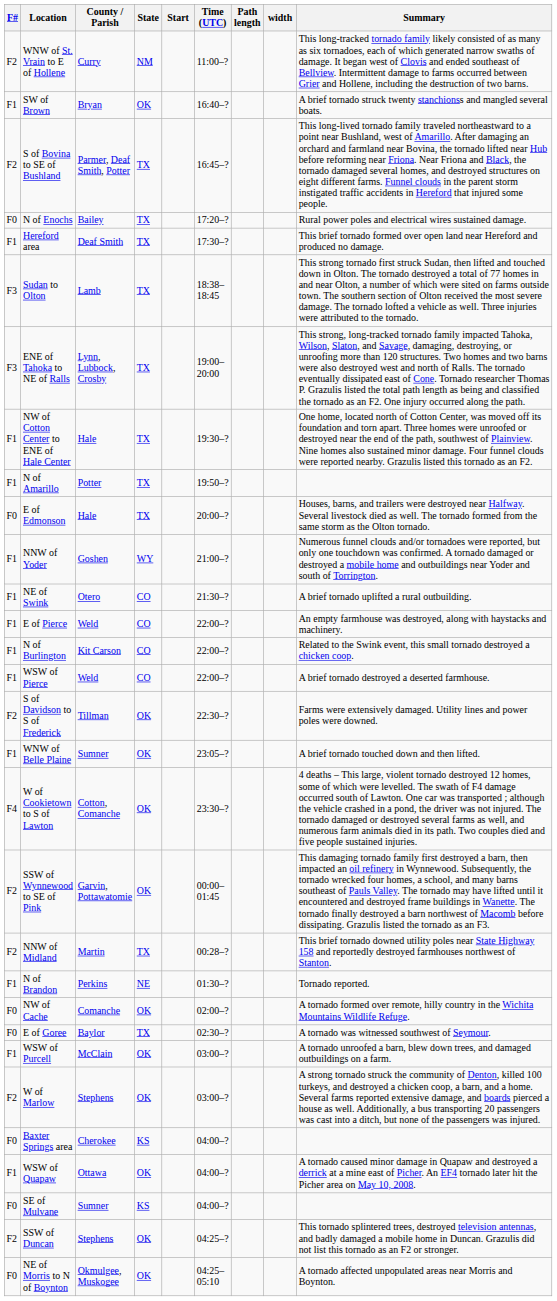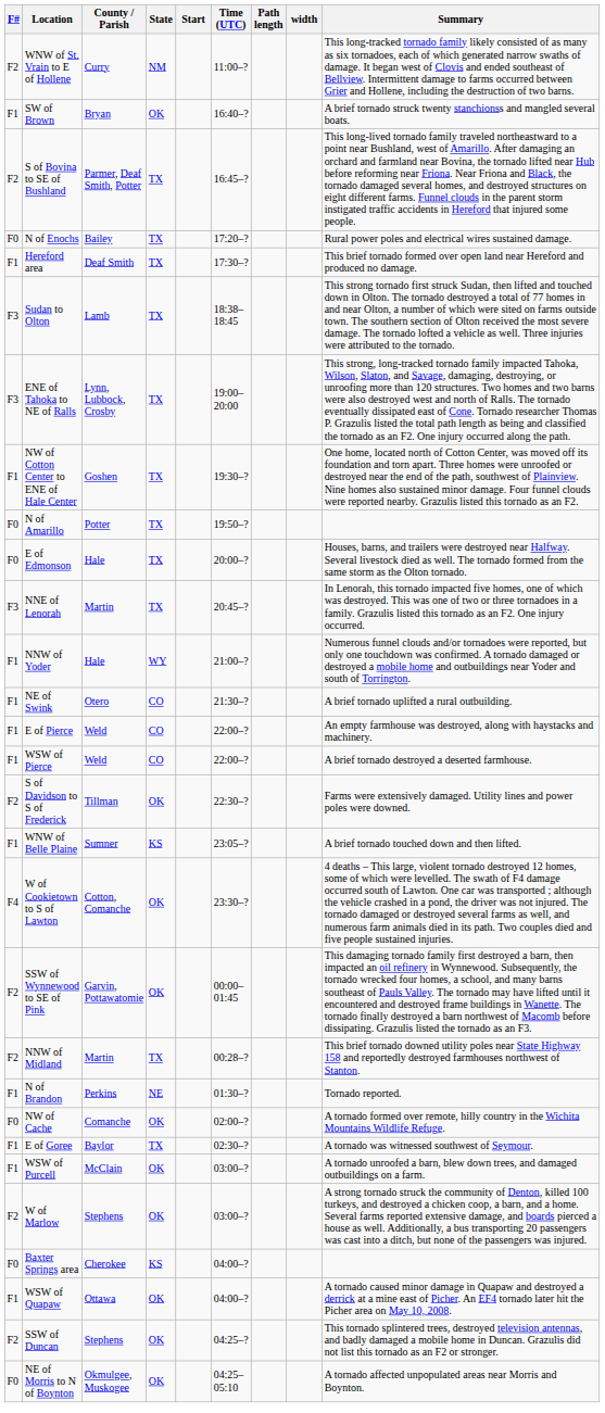 <table class="wikitable sortable" style="width:100%;">
 <tr>
 <th scope="col"  style="width:3%; text-align:center;"><a href='#'>F#</a></th>
 <th scope="col"  style="width:7%; text-align:center;" class="unsortable">Location</th>
 <th scope="col"  style="width:6%; text-align:center;" class="unsortable">County / Parish</th>
 <th scope="col"  style="width:5%; text-align:center;">State</th>
 <th scope="col"  style="width:6%; text-align:center;">Start<br></th>
 <th scope="col"  style="width:6%; text-align:center;">Time (<a href='#'>UTC</a>)</th>
 <th scope="col"  style="width:6%; text-align:center;">Path length</th>
 <th scope="col"  style="width:6%; text-align:center;"> width</th>
 <th scope="col" class="unsortable" style="width:48%; text-align:center;">Summary</th>
 </tr>
 <tr>
 <td>F2</td>
 <td>WNW of <a href='#'>St. Vrain</a> to E of <a href='#'>Hollene</a></td>
 <td><a href='#'>Curry</a></td>
 <td><a href='#'>NM</a></td>
 <td></td>
 <td>11:00–?</td>
 <td></td>
 <td></td>
 <td>This long-tracked <a href='#'>tornado family</a> likely consisted of as many as six tornadoes, each of which generated narrow swaths of damage. It began west of <a href='#'>Clovis</a> and ended southeast of <a href='#'>Bellview</a>. Intermittent damage to farms occurred between <a href='#'>Grier</a> and Hollene, including the destruction of two barns.</td>
 </tr>
 <tr>
 <td>F1</td>
 <td>SW of <a href='#'>Brown</a></td>
 <td><a href='#'>Bryan</a></td>
 <td><a href='#'>OK</a></td>
 <td></td>
 <td>16:40–?</td>
 <td></td>
 <td></td>
 <td>A brief tornado struck twenty <a href='#'>stanchions</a>s and mangled several boats.</td>
 </tr>
 <tr>
 <td>F2</td>
 <td>S of <a href='#'>Bovina</a> to SE of <a href='#'>Bushland</a></td>
 <td><a href='#'>Parmer</a>, <a href='#'>Deaf Smith</a>, <a href='#'>Potter</a></td>
 <td><a href='#'>TX</a></td>
 <td></td>
 <td>16:45–?</td>
 <td></td>
 <td></td>
 <td>This long-lived tornado family traveled northeastward to a point near Bushland, west of <a href='#'>Amarillo</a>. After damaging an orchard and farmland near Bovina, the tornado lifted near <a href='#'>Hub</a> before reforming near <a href='#'>Friona</a>. Near Friona and <a href='#'>Black</a>, the tornado damaged several homes, and destroyed structures on eight different farms. <a href='#'>Funnel clouds</a> in the parent storm instigated traffic accidents in <a href='#'>Hereford</a> that injured some people.</td>
 </tr>
 <tr>
 <td>F0</td>
 <td>N of <a href='#'>Enochs</a></td>
 <td><a href='#'>Bailey</a></td>
 <td><a href='#'>TX</a></td>
 <td></td>
 <td>17:20–?</td>
 <td></td>
 <td></td>
 <td>Rural power poles and electrical wires sustained damage.</td>
 </tr>
 <tr>
 <td>F1</td>
 <td><a href='#'>Hereford</a> area</td>
 <td><a href='#'>Deaf Smith</a></td>
 <td><a href='#'>TX</a></td>
 <td></td>
 <td>17:30–?</td>
 <td></td>
 <td></td>
 <td>This brief tornado formed over open land near Hereford and produced no damage.</td>
 </tr>
 <tr>
 <td>F3</td>
 <td><a href='#'>Sudan</a> to <a href='#'>Olton</a></td>
 <td><a href='#'>Lamb</a></td>
 <td><a href='#'>TX</a></td>
 <td></td>
 <td>18:38–18:45</td>
 <td></td>
 <td></td>
 <td>This strong tornado first struck Sudan, then lifted and touched down in Olton. The tornado destroyed a total of 77 homes in and near Olton, a number of which were sited on farms outside town. The southern section of Olton received the most severe damage. The tornado lofted a vehicle  as well. Three injuries were attributed to the tornado.</td>
 </tr>
 <tr>
 <td>F3</td>
 <td>ENE of <a href='#'>Tahoka</a> to NE of <a href='#'>Ralls</a></td>
 <td><a href='#'>Lynn</a>, <a href='#'>Lubbock</a>, <a href='#'>Crosby</a></td>
 <td><a href='#'>TX</a></td>
 <td></td>
 <td>19:00–20:00</td>
 <td></td>
 <td></td>
 <td>This strong, long-tracked tornado family impacted Tahoka, <a href='#'>Wilson</a>, <a href='#'>Slaton</a>, and <a href='#'>Savage</a>, damaging, destroying, or unroofing more than 120 structures. Two homes and two barns were also destroyed west and north of Ralls. The tornado eventually dissipated east of <a href='#'>Cone</a>. Tornado researcher Thomas P. Grazulis listed the total path length as being  and classified the tornado as an F2. One injury occurred along the path.</td>
 </tr>
 <tr>
 <td>F1</td>
 <td>NW of <a href='#'>Cotton Center</a> to ENE of <a href='#'>Hale Center</a></td>
-<td><a href='#'>Hale</a></td>
+<td><a href='#'>Goshen</a></td>
 <td><a href='#'>TX</a></td>
 <td></td>
 <td>19:30–?</td>
 <td></td>
 <td></td>
 <td>One home, located north of Cotton Center, was moved  off its foundation and torn apart. Three homes were unroofed or destroyed near the end of the path, southwest of <a href='#'>Plainview</a>. Nine homes also sustained minor damage. Four funnel clouds were reported nearby. Grazulis listed this tornado as an F2.</td>
 </tr>
 <tr>
-<td>F1</td>
+<td>F0</td>
 <td>N of <a href='#'>Amarillo</a></td>
 <td><a href='#'>Potter</a></td>
 <td><a href='#'>TX</a></td>
 <td></td>
 <td>19:50–?</td>
 <td></td>
 <td></td>
 <td></td>
 </tr>
 <tr>
 <td>F0</td>
 <td>E of <a href='#'>Edmonson</a></td>
 <td><a href='#'>Hale</a></td>
 <td><a href='#'>TX</a></td>
 <td></td>
 <td>20:00–?</td>
 <td></td>
 <td></td>
 <td>Houses, barns, and trailers were destroyed near <a href='#'>Halfway</a>. Several livestock died as well. The tornado formed from the same storm as the Olton tornado.</td>
 </tr>
 <tr>
+<td>F3</td>
+<td>NNE of <a href='#'>Lenorah</a></td>
+<td><a href='#'>Martin</a></td>
+<td><a href='#'>TX</a></td>
+<td></td>
+<td>20:45–?</td>
+<td></td>
+<td></td>
+<td>In Lenorah, this tornado impacted five homes, one of which was destroyed. This was one of two or three tornadoes in a  family. Grazulis listed this tornado as an F2. One injury occurred.</td>
+</tr>
+<tr>
 <td>F1</td>
 <td>NNW of <a href='#'>Yoder</a></td>
-<td><a href='#'>Goshen</a></td>
+<td><a href='#'>Hale</a></td>
 <td><a href='#'>WY</a></td>
 <td></td>
 <td>21:00–?</td>
 <td></td>
 <td></td>
 <td>Numerous funnel clouds and/or tornadoes were reported, but only one touchdown was confirmed. A tornado damaged or destroyed a <a href='#'>mobile home</a> and outbuildings near Yoder and south of <a href='#'>Torrington</a>.</td>
 </tr>
 <tr>
 <td>F1</td>
 <td>NE of <a href='#'>Swink</a></td>
 <td><a href='#'>Otero</a></td>
 <td><a href='#'>CO</a></td>
 <td></td>
 <td>21:30–?</td>
 <td></td>
 <td></td>
 <td>A brief tornado uplifted a rural outbuilding.</td>
 </tr>
 <tr>
 <td>F1</td>
 <td>E of <a href='#'>Pierce</a></td>
 <td><a href='#'>Weld</a></td>
 <td><a href='#'>CO</a></td>
 <td></td>
 <td>22:00–?</td>
 <td></td>
 <td></td>
 <td>An empty farmhouse was destroyed, along with haystacks and machinery.</td>
 </tr>
 <tr>
 <td>F1</td>
-<td>N of <a href='#'>Burlington</a></td>
-<td><a href='#'>Kit Carson</a></td>
-<td><a href='#'>CO</a></td>
-<td></td>
-<td>22:00–?</td>
-<td></td>
-<td></td>
-<td>Related to the Swink event, this small tornado destroyed a <a href='#'>chicken coop</a>.</td>
-</tr>
-<tr>
-<td>F1</td>
 <td>WSW of <a href='#'>Pierce</a></td>
 <td><a href='#'>Weld</a></td>
 <td><a href='#'>CO</a></td>
 <td></td>
 <td>22:00–?</td>
 <td></td>
 <td></td>
 <td>A brief tornado destroyed a deserted farmhouse.</td>
 </tr>
 <tr>
 <td>F2</td>
 <td>S of <a href='#'>Davidson</a> to S of <a href='#'>Frederick</a></td>
 <td><a href='#'>Tillman</a></td>
 <td><a href='#'>OK</a></td>
 <td></td>
 <td>22:30–?</td>
 <td></td>
 <td></td>
 <td>Farms were extensively damaged. Utility lines and power poles were downed.</td>
 </tr>
 <tr>
 <td>F1</td>
 <td>WNW of <a href='#'>Belle Plaine</a></td>
 <td><a href='#'>Sumner</a></td>
-<td><a href='#'>OK</a></td>
+<td><a href='#'>KS</a></td>
 <td></td>
 <td>23:05–?</td>
 <td></td>
 <td></td>
 <td>A brief tornado touched down and then lifted.</td>
 </tr>
 <tr>
 <td>F4</td>
 <td>W of <a href='#'>Cookietown</a> to S of <a href='#'>Lawton</a></td>
 <td><a href='#'>Cotton</a>, <a href='#'>Comanche</a></td>
 <td><a href='#'>OK</a></td>
 <td></td>
 <td>23:30–?</td>
 <td></td>
 <td></td>
 <td>4 deaths – This large, violent tornado destroyed 12 homes, some of which were levelled. The swath of F4 damage occurred south of Lawton. One car was transported ; although the vehicle crashed in a pond, the driver was not injured. The tornado damaged or destroyed several farms as well, and numerous farm animals died in its path. Two couples died and five people sustained injuries.</td>
 </tr>
 <tr>
 <td>F2</td>
 <td>SSW of <a href='#'>Wynnewood</a> to SE of <a href='#'>Pink</a></td>
 <td><a href='#'>Garvin</a>, <a href='#'>Pottawatomie</a></td>
 <td><a href='#'>OK</a></td>
 <td></td>
 <td>00:00–01:45</td>
 <td></td>
 <td></td>
 <td>This damaging tornado family first destroyed a barn, then impacted an <a href='#'>oil refinery</a> in Wynnewood. Subsequently, the tornado wrecked four homes, a school, and many barns southeast of <a href='#'>Pauls Valley</a>. The tornado may have lifted until it encountered and destroyed frame buildings in <a href='#'>Wanette</a>. The tornado finally destroyed a barn northwest of <a href='#'>Macomb</a> before dissipating. Grazulis listed the tornado as an F3.</td>
 </tr>
 <tr>
 <td>F2</td>
 <td>NNW of <a href='#'>Midland</a></td>
 <td><a href='#'>Martin</a></td>
 <td><a href='#'>TX</a></td>
 <td></td>
 <td>00:28–?</td>
 <td></td>
 <td></td>
 <td>This brief tornado downed utility poles near <a href='#'>State Highway 158</a> and reportedly destroyed farmhouses northwest of <a href='#'>Stanton</a>.</td>
 </tr>
 <tr>
 <td>F1</td>
 <td>N of <a href='#'>Brandon</a></td>
 <td><a href='#'>Perkins</a></td>
 <td><a href='#'>NE</a></td>
 <td></td>
 <td>01:30–?</td>
 <td></td>
 <td></td>
 <td>Tornado reported.</td>
 </tr>
 <tr>
 <td>F0</td>
 <td>NW of <a href='#'>Cache</a></td>
 <td><a href='#'>Comanche</a></td>
 <td><a href='#'>OK</a></td>
 <td></td>
 <td>02:00–?</td>
 <td></td>
 <td></td>
 <td>A tornado formed over remote, hilly country in the <a href='#'>Wichita Mountains Wildlife Refuge</a>.</td>
 </tr>
 <tr>
-<td>F0</td>
+<td>F1</td>
 <td>E of <a href='#'>Goree</a></td>
 <td><a href='#'>Baylor</a></td>
 <td><a href='#'>TX</a></td>
 <td></td>
 <td>02:30–?</td>
 <td></td>
 <td></td>
 <td>A tornado was witnessed southwest of <a href='#'>Seymour</a>.</td>
 </tr>
 <tr>
 <td>F1</td>
 <td>WSW of <a href='#'>Purcell</a></td>
 <td><a href='#'>McClain</a></td>
 <td><a href='#'>OK</a></td>
 <td></td>
 <td>03:00–?</td>
 <td></td>
 <td></td>
 <td>A tornado unroofed a barn, blew down trees, and damaged outbuildings on a farm.</td>
 </tr>
 <tr>
 <td>F2</td>
 <td>W of <a href='#'>Marlow</a></td>
 <td><a href='#'>Stephens</a></td>
 <td><a href='#'>OK</a></td>
 <td></td>
 <td>03:00–?</td>
 <td></td>
 <td></td>
 <td>A strong tornado struck the community of <a href='#'>Denton</a>, killed 100 turkeys, and destroyed a chicken coop, a barn, and a home. Several farms reported extensive damage, and  <a href='#'>boards</a> pierced a house as well. Additionally, a bus transporting 20 passengers was cast into a ditch, but none of the passengers was injured.</td>
 </tr>
 <tr>
 <td>F0</td>
 <td><a href='#'>Baxter Springs</a> area</td>
 <td><a href='#'>Cherokee</a></td>
 <td><a href='#'>KS</a></td>
 <td></td>
 <td>04:00–?</td>
 <td></td>
 <td></td>
 <td></td>
 </tr>
 <tr>
 <td>F1</td>
 <td>WSW of <a href='#'>Quapaw</a></td>
 <td><a href='#'>Ottawa</a></td>
 <td><a href='#'>OK</a></td>
 <td></td>
 <td>04:00–?</td>
 <td></td>
 <td></td>
 <td>A tornado caused minor damage in Quapaw and destroyed a <a href='#'>derrick</a> at a mine east of <a href='#'>Picher</a>. An <a href='#'>EF4</a> tornado later hit the Picher area on <a href='#'>May 10, 2008</a>.</td>
 </tr>
 <tr>
-<td>F0</td>
-<td>SE of <a href='#'>Mulvane</a></td>
-<td><a href='#'>Sumner</a></td>
-<td><a href='#'>KS</a></td>
-<td></td>
-<td>04:00–?</td>
-<td></td>
-<td></td>
-<td></td>
-</tr>
-<tr>
 <td>F2</td>
 <td>SSW of <a href='#'>Duncan</a></td>
 <td><a href='#'>Stephens</a></td>
 <td><a href='#'>OK</a></td>
 <td></td>
 <td>04:25–?</td>
 <td></td>
 <td></td>
 <td>This tornado splintered trees, destroyed <a href='#'>television antennas</a>, and badly damaged a mobile home in Duncan. Grazulis did not list this tornado as an F2 or stronger.</td>
 </tr>
 <tr>
 <td>F0</td>
 <td>NE of <a href='#'>Morris</a> to N of <a href='#'>Boynton</a></td>
 <td><a href='#'>Okmulgee</a>, <a href='#'>Muskogee</a></td>
 <td><a href='#'>OK</a></td>
 <td></td>
 <td>04:25–05:10</td>
 <td></td>
 <td></td>
 <td>A tornado affected unpopulated areas near Morris and Boynton.</td>
 </tr>
 </table>
